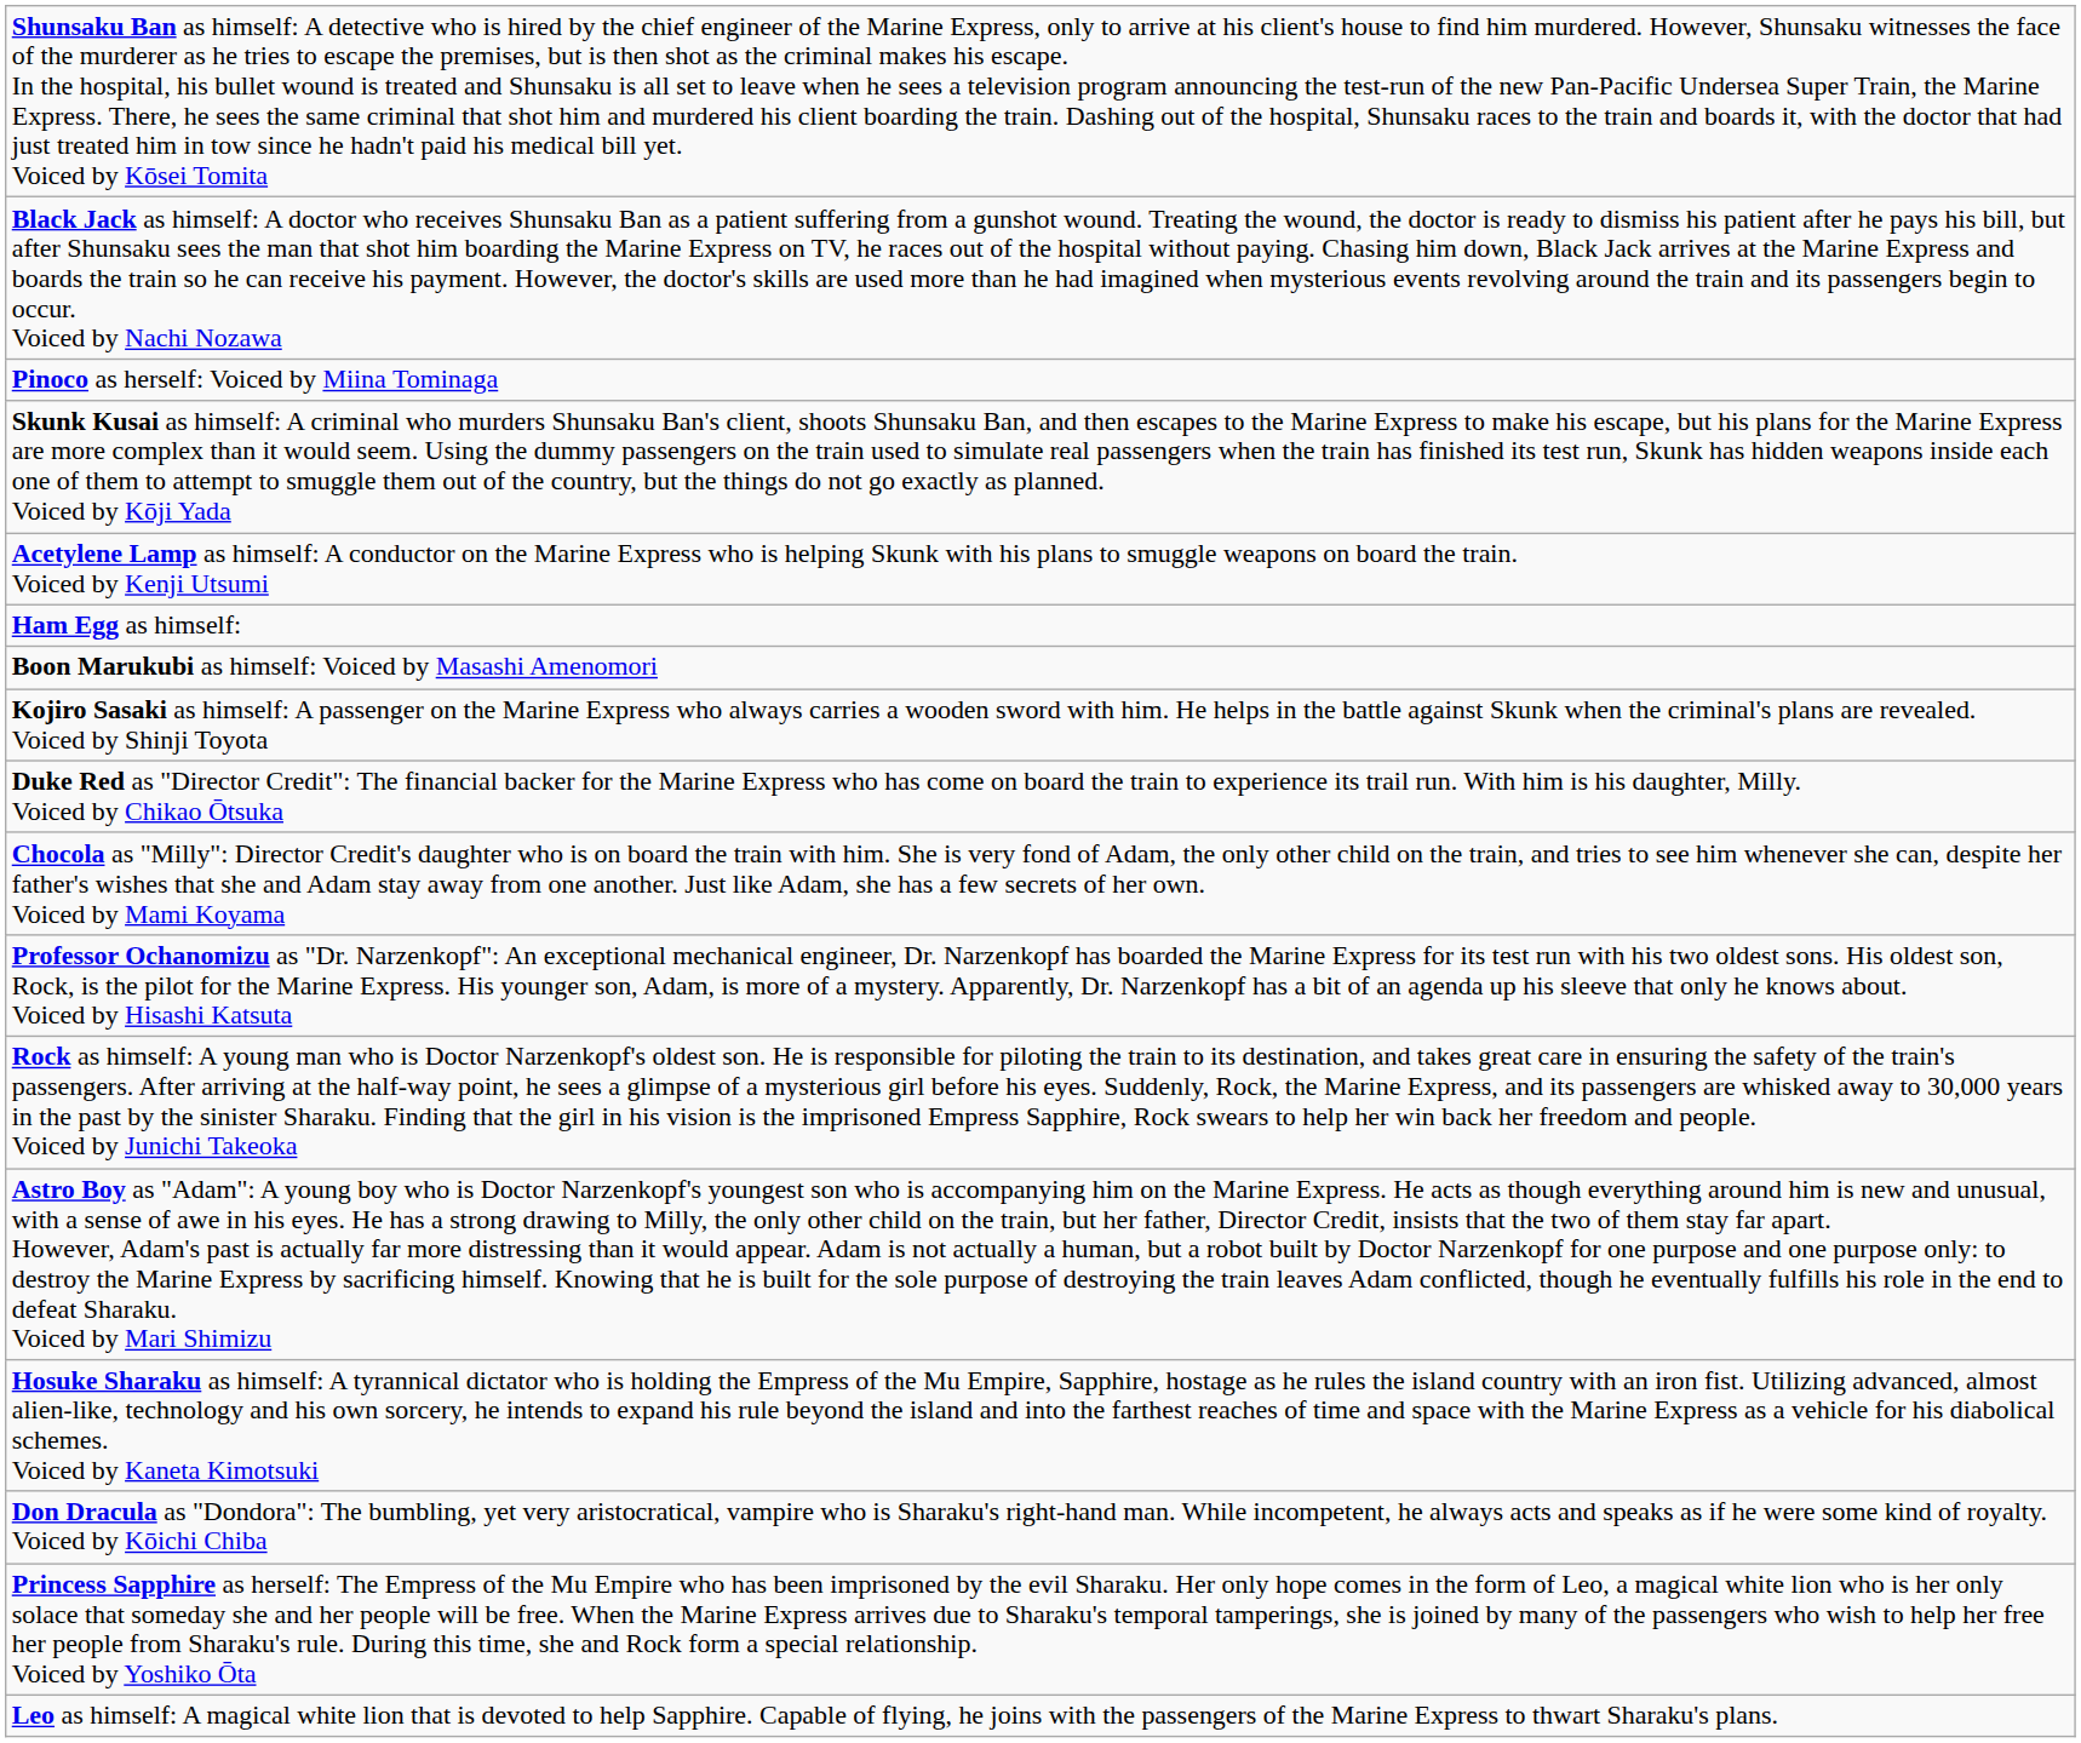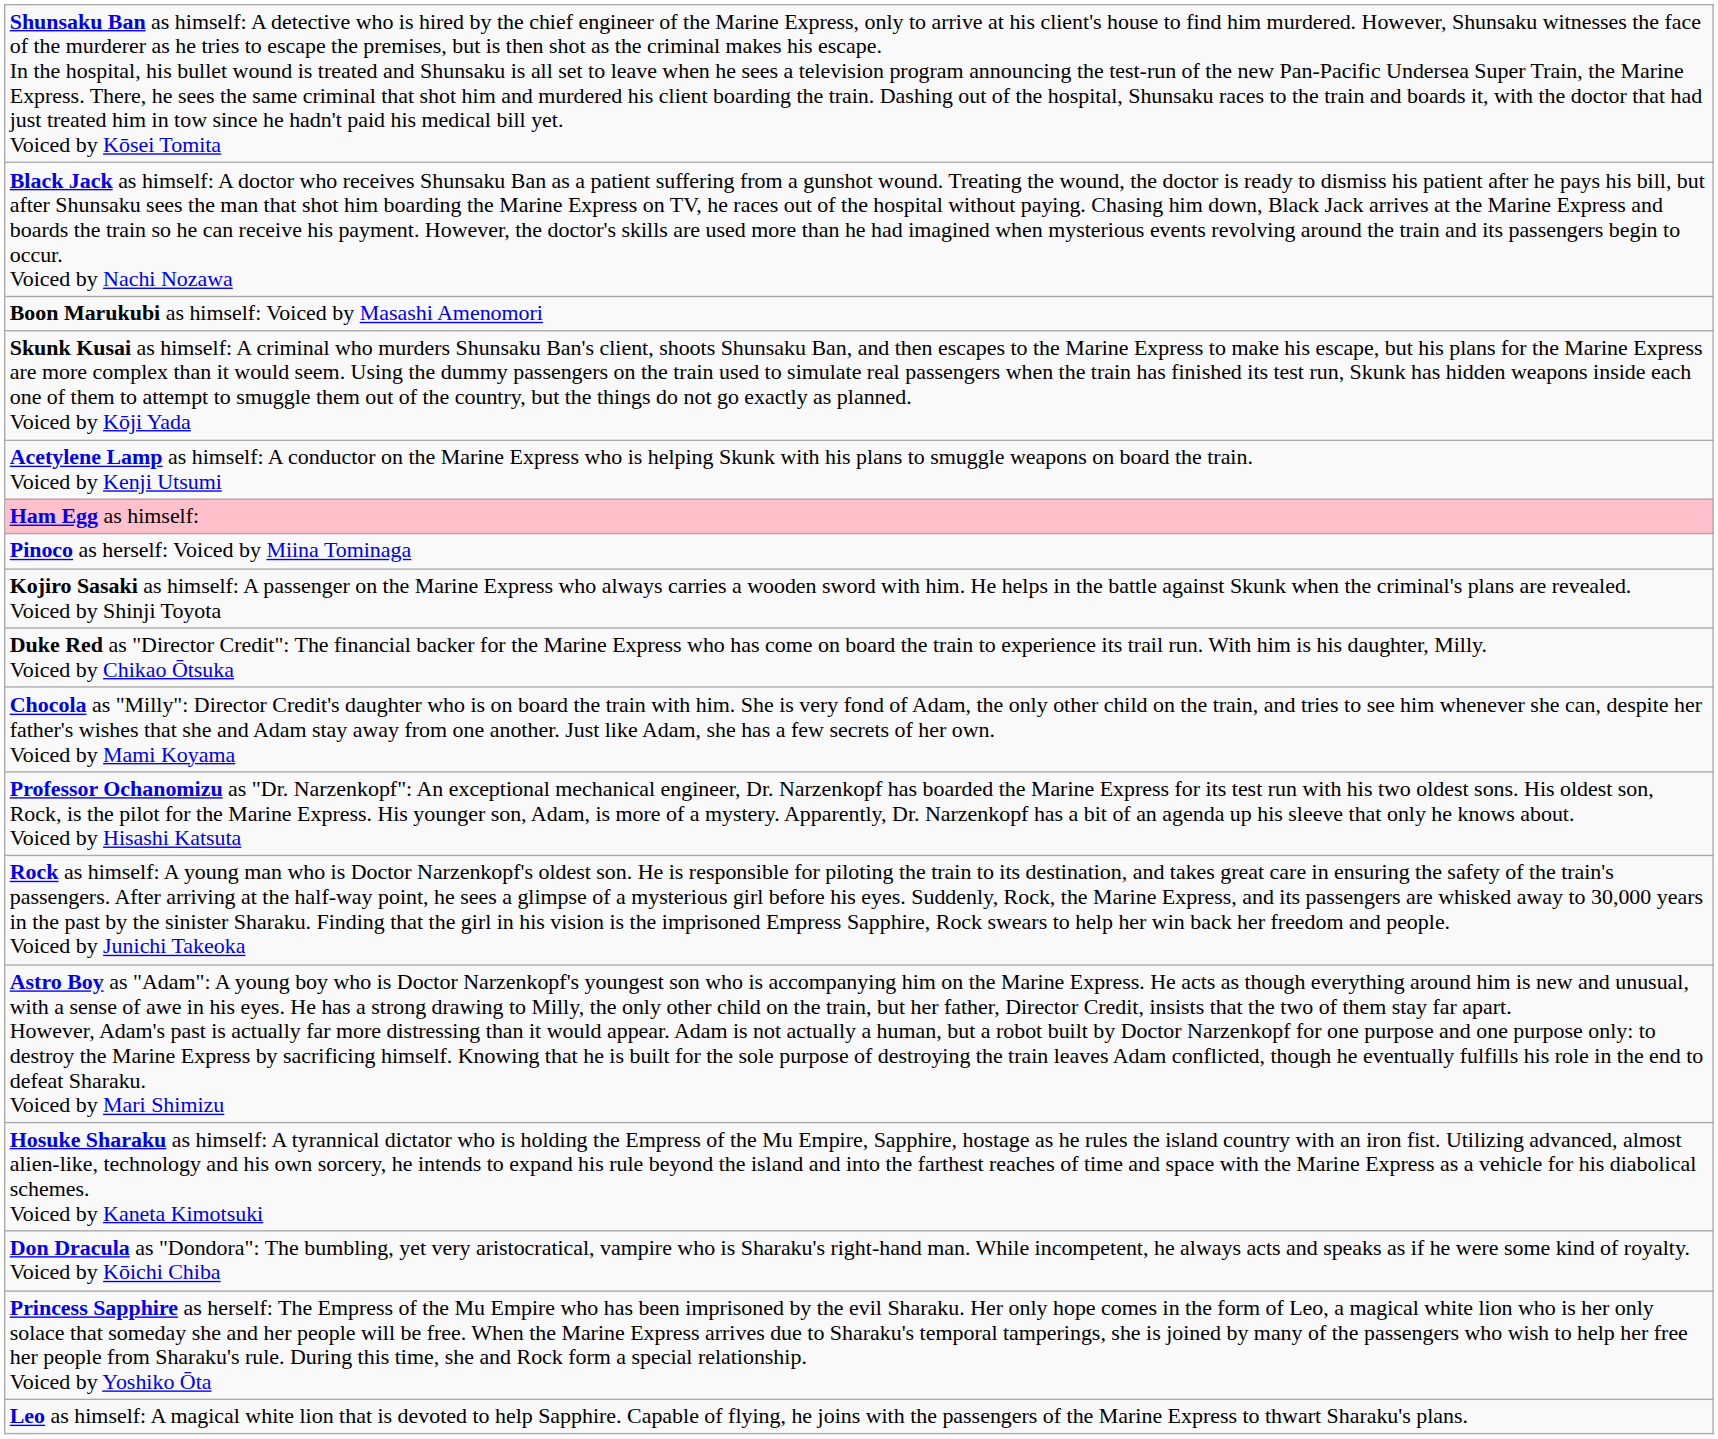 <table class="wikitable">
 <tr>
 <td><strong><a href='#'>Shunsaku Ban</a></strong> as himself: A detective who is hired by the chief engineer of the Marine Express, only to arrive at his client's house to find him murdered. However, Shunsaku witnesses the face of the murderer as he tries to escape the premises, but is then shot as the criminal makes his escape.<br>In the hospital, his bullet wound is treated and Shunsaku is all set to leave when he sees a television program announcing the test-run of the new Pan-Pacific Undersea Super Train, the Marine Express. There, he sees the same criminal that shot him and murdered his client boarding the train. Dashing out of the hospital, Shunsaku races to the train and boards it, with the doctor that had just treated him in tow since he hadn't paid his medical bill yet.<br>Voiced by <a href='#'>Kōsei Tomita</a></td>
 </tr>
 <tr>
 <td><strong><a href='#'>Black Jack</a></strong> as himself: A doctor who receives Shunsaku Ban as a patient suffering from a gunshot wound. Treating the wound, the doctor is ready to dismiss his patient after he pays his bill, but after Shunsaku sees the man that shot him boarding the Marine Express on TV, he races out of the hospital without paying. Chasing him down, Black Jack arrives at the Marine Express and boards the train so he can receive his payment. However, the doctor's skills are used more than he had imagined when mysterious events revolving around the train and its passengers begin to occur.<br>Voiced by <a href='#'>Nachi Nozawa</a></td>
 </tr>
 <tr>
-<td><strong><a href='#'>Pinoco</a></strong> as herself: Voiced by <a href='#'>Miina Tominaga</a></td>
+<td><strong>Boon Marukubi</strong> as himself: Voiced by <a href='#'>Masashi Amenomori</a></td>
 </tr>
 <tr>
 <td><strong>Skunk Kusai</strong> as himself: A criminal who murders Shunsaku Ban's client, shoots Shunsaku Ban, and then escapes to the Marine Express to make his escape, but his plans for the Marine Express are more complex than it would seem. Using the dummy passengers on the train used to simulate real passengers when the train has finished its test run, Skunk has hidden weapons inside each one of them to attempt to smuggle them out of the country, but the things do not go exactly as planned.<br>Voiced by <a href='#'>Kōji Yada</a></td>
 </tr>
 <tr>
 <td><strong><a href='#'>Acetylene Lamp</a></strong> as himself: A conductor on the Marine Express who is helping Skunk with his plans to smuggle weapons on board the train.<br>Voiced by <a href='#'>Kenji Utsumi</a></td>
 </tr>
 <tr>
-<td><strong><a href='#'>Ham Egg</a></strong> as himself:</td>
+<td style="background: pink;"><strong><a href='#'>Ham Egg</a></strong> as himself:</td>
 </tr>
 <tr>
-<td><strong>Boon Marukubi</strong> as himself: Voiced by <a href='#'>Masashi Amenomori</a></td>
+<td><strong><a href='#'>Pinoco</a></strong> as herself: Voiced by <a href='#'>Miina Tominaga</a></td>
 </tr>
 <tr>
 <td><strong>Kojiro Sasaki</strong> as himself: A passenger on the Marine Express who always carries a wooden sword with him. He helps in the battle against Skunk when the criminal's plans are revealed.<br>Voiced by Shinji Toyota</td>
 </tr>
 <tr>
 <td><strong>Duke Red</strong> as "Director Credit": The financial backer for the Marine Express who has come on board the train to experience its trail run. With him is his daughter, Milly.<br>Voiced by <a href='#'>Chikao Ōtsuka</a></td>
 </tr>
 <tr>
 <td><strong><a href='#'>Chocola</a></strong> as "Milly": Director Credit's daughter who is on board the train with him.  She is very fond of Adam, the only other child on the train, and tries to see him whenever she can, despite her father's wishes that she and Adam stay away from one another. Just like Adam, she has a few secrets of her own.<br>Voiced by <a href='#'>Mami Koyama</a></td>
 </tr>
 <tr>
 <td><strong><a href='#'>Professor Ochanomizu</a></strong> as "Dr. Narzenkopf": An exceptional mechanical engineer, Dr. Narzenkopf has boarded the Marine Express for its test run with his two oldest sons. His oldest son, Rock, is the pilot for the Marine Express. His younger son, Adam, is more of a mystery. Apparently, Dr. Narzenkopf has a bit of an agenda up his sleeve that only he knows about.<br>Voiced by <a href='#'>Hisashi Katsuta</a></td>
 </tr>
 <tr>
 <td><strong><a href='#'>Rock</a></strong> as himself: A young man who is Doctor Narzenkopf's oldest son. He is responsible for piloting the train to its destination, and takes great care in ensuring the safety of the train's passengers. After arriving at the half-way point, he sees a glimpse of a mysterious girl before his eyes. Suddenly, Rock, the Marine Express, and its passengers are whisked away to 30,000 years in the past by the sinister Sharaku. Finding that the girl in his vision is the imprisoned Empress Sapphire, Rock swears to help her win back her freedom and people.<br>Voiced by <a href='#'>Junichi Takeoka</a></td>
 </tr>
 <tr>
 <td><strong><a href='#'>Astro Boy</a></strong> as "Adam": A young boy who is Doctor Narzenkopf's youngest son who is accompanying him on the Marine Express. He acts as though everything around him is new and unusual, with a sense of awe in his eyes. He has a strong drawing to Milly, the only other child on the train, but her father, Director Credit, insists that the two of them stay far apart.<br>However, Adam's past is actually far more distressing than it would appear. Adam is not actually a human, but a robot built by Doctor Narzenkopf for one purpose and one purpose only: to destroy the Marine Express by sacrificing himself. Knowing that he is built for the sole purpose of destroying the train leaves Adam conflicted, though he eventually fulfills his role in the end to defeat Sharaku.<br>Voiced by <a href='#'>Mari Shimizu</a></td>
 </tr>
 <tr>
 <td><strong><a href='#'>Hosuke Sharaku</a></strong> as himself: A tyrannical dictator who is holding the Empress of the Mu Empire, Sapphire, hostage as he rules the island country with an iron fist. Utilizing advanced, almost alien-like, technology and his own sorcery, he intends to expand his rule beyond the island and into the farthest reaches of time and space with the Marine Express as a vehicle for his diabolical schemes.<br>Voiced by <a href='#'>Kaneta Kimotsuki</a></td>
 </tr>
 <tr>
 <td><strong><a href='#'>Don Dracula</a></strong> as "Dondora":  The bumbling, yet very aristocratical, vampire who is Sharaku's right-hand man. While incompetent, he always acts and speaks as if he were some kind of royalty.<br>Voiced by <a href='#'>Kōichi Chiba</a></td>
 </tr>
 <tr>
 <td><strong><a href='#'>Princess Sapphire</a></strong> as herself: The Empress of the Mu Empire who has been imprisoned by the evil Sharaku. Her only hope comes in the form of Leo, a magical white lion who is her only solace that someday she and her people will be free. When the Marine Express arrives due to Sharaku's temporal tamperings, she is joined by many of the passengers who wish to help her free her people from Sharaku's rule. During this time, she and Rock form a special relationship.<br>Voiced by <a href='#'>Yoshiko Ōta</a></td>
 </tr>
 <tr>
 <td><strong><a href='#'>Leo</a></strong> as himself: A magical white lion that is devoted to help Sapphire. Capable of flying, he joins with the passengers of the Marine Express to thwart Sharaku's plans.</td>
 </tr>
 </table>
